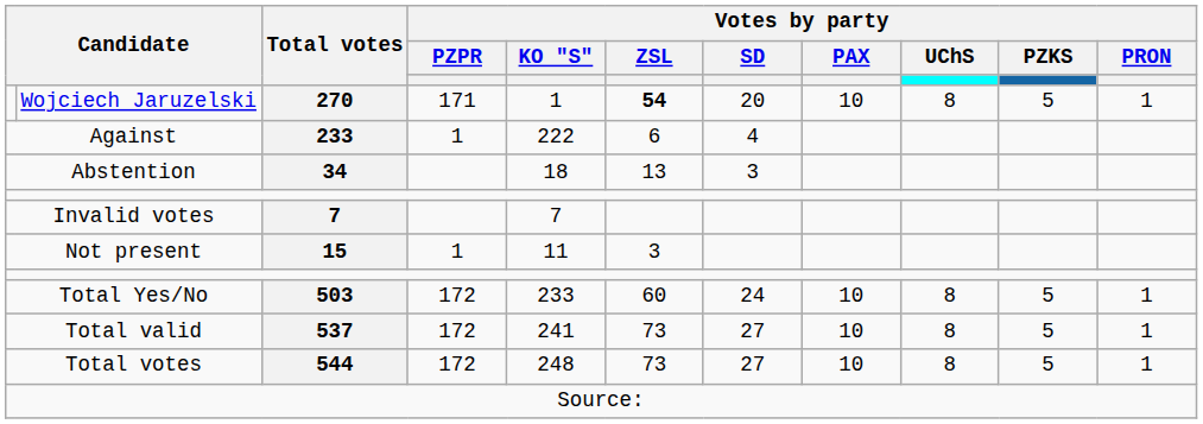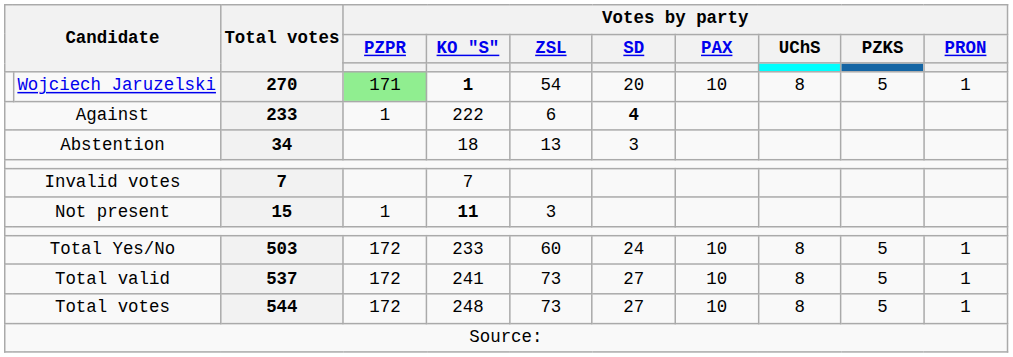 <table class="wikitable" style="text-align:center; font-size: 0.9em;">
 <tr>
 <th colspan="2" rowspan="3">Candidate</th>
 <th rowspan="3">Total votes</th>
 <th colspan="8">Votes by party</th>
 </tr>
 <tr>
 <th class="unsortable" style="width:50px;"><a href='#'>PZPR</a></th>
 <th class="unsortable" style="width:50px;"><a href='#'>KO "S"</a></th>
 <th class="unsortable" style="width:50px;"><a href='#'>ZSL</a></th>
 <th class="unsortable" style="width:50px;"><a href='#'>SD</a></th>
 <th class="unsortable" style="width:50px;"><a href='#'>PAX</a></th>
 <th class="unsortable" style="width:50px;">UChS</th>
 <th class="unsortable" style="width:50px;">PZKS</th>
 <th class="unsortable" style="width:50px;"><a href='#'>PRON</a></th>
 </tr>
 <tr>
 <th style="background:"></th>
 <th style="background:"></th>
 <th style="background:"></th>
 <th style="background:"></th>
 <th style="background:"></th>
 <th style="background:#00FFFF;"></th>
 <th style="background:#1465A4;"></th>
 <th style="background:"></th>
 </tr>
 <tr>
 <td style="background:"></td>
 <td><a href='#'>Wojciech Jaruzelski</a></td>
 <th>270</th>
-<td>171</td>
-<td>1</td>
-<td><strong>54</strong></td>
+<td style="background: lightgreen;">171</td>
+<td><strong>1</strong></td>
+<td>54</td>
 <td>20</td>
 <td>10</td>
 <td>8</td>
 <td>5</td>
 <td>1</td>
 </tr>
 <tr>
 <td colspan="2">Against</td>
 <th>233</th>
 <td>1</td>
 <td>222</td>
 <td>6</td>
-<td>4</td>
+<td><strong>4</strong></td>
 <td></td>
 <td></td>
 <td></td>
 <td></td>
 </tr>
 <tr>
 <td colspan="2">Abstention</td>
 <th>34</th>
 <td></td>
 <td>18</td>
 <td>13</td>
 <td>3</td>
 <td></td>
 <td></td>
 <td></td>
 <td></td>
 </tr>
 <tr>
 <td colspan="11"></td>
 </tr>
 <tr>
 <td colspan="2">Invalid votes</td>
 <th>7</th>
 <td></td>
 <td>7</td>
 <td></td>
 <td></td>
 <td></td>
 <td></td>
 <td></td>
 <td></td>
 </tr>
 <tr>
 <td colspan="2">Not present</td>
 <th>15</th>
 <td>1</td>
-<td>11</td>
+<td><strong>11</strong></td>
 <td>3</td>
 <td></td>
 <td></td>
 <td></td>
 <td></td>
 <td></td>
 </tr>
 <tr>
 <td colspan="11"></td>
 </tr>
 <tr>
 <td colspan="2">Total Yes/No</td>
 <th>503</th>
 <td>172</td>
 <td>233</td>
 <td>60</td>
 <td>24</td>
 <td>10</td>
 <td>8</td>
 <td>5</td>
 <td>1</td>
 </tr>
 <tr>
 <td colspan="2">Total valid</td>
 <th>537</th>
 <td>172</td>
 <td>241</td>
 <td>73</td>
 <td>27</td>
 <td>10</td>
 <td>8</td>
 <td>5</td>
 <td>1</td>
 </tr>
 <tr>
 <td colspan="2">Total votes</td>
 <th>544</th>
 <td>172</td>
 <td>248</td>
 <td>73</td>
 <td>27</td>
 <td>10</td>
 <td>8</td>
 <td>5</td>
 <td>1</td>
 </tr>
 <tr>
 <td colspan="11">Source: </td>
 </tr>
 </table>
